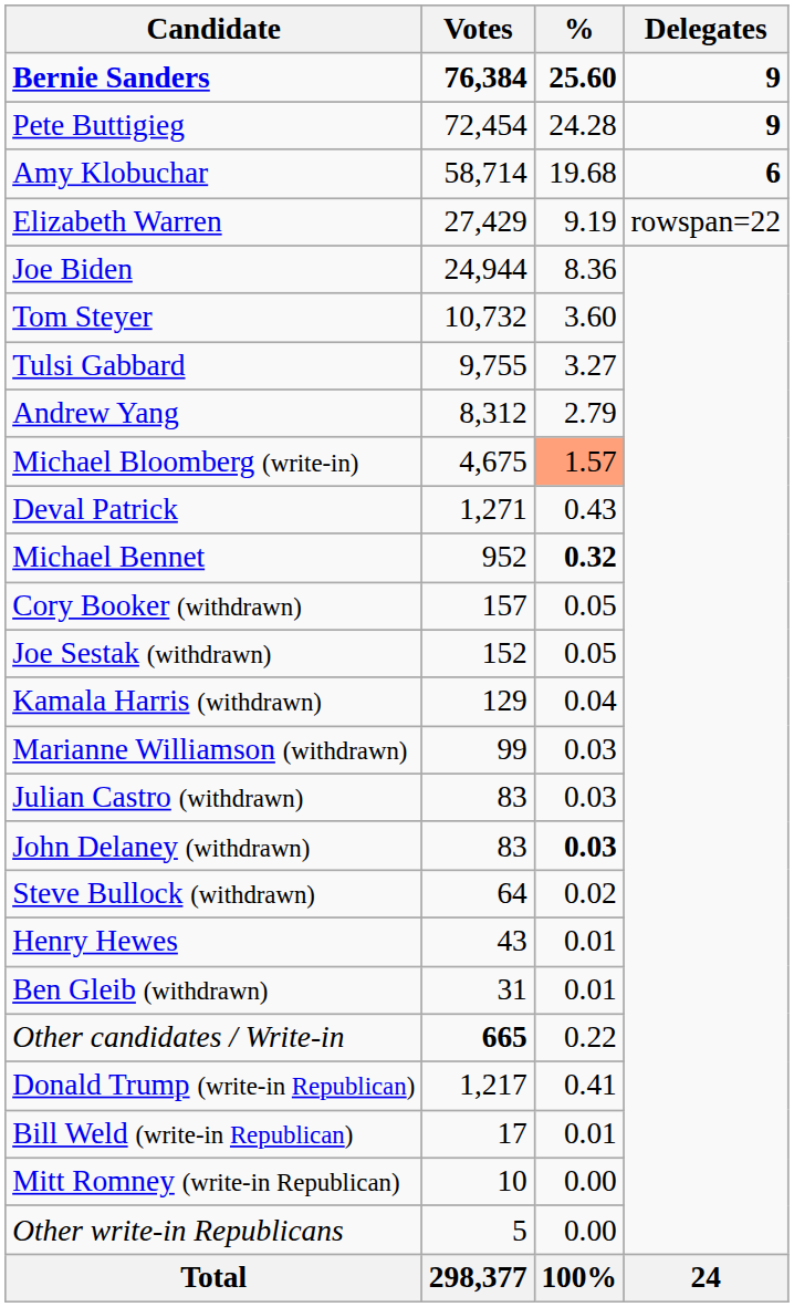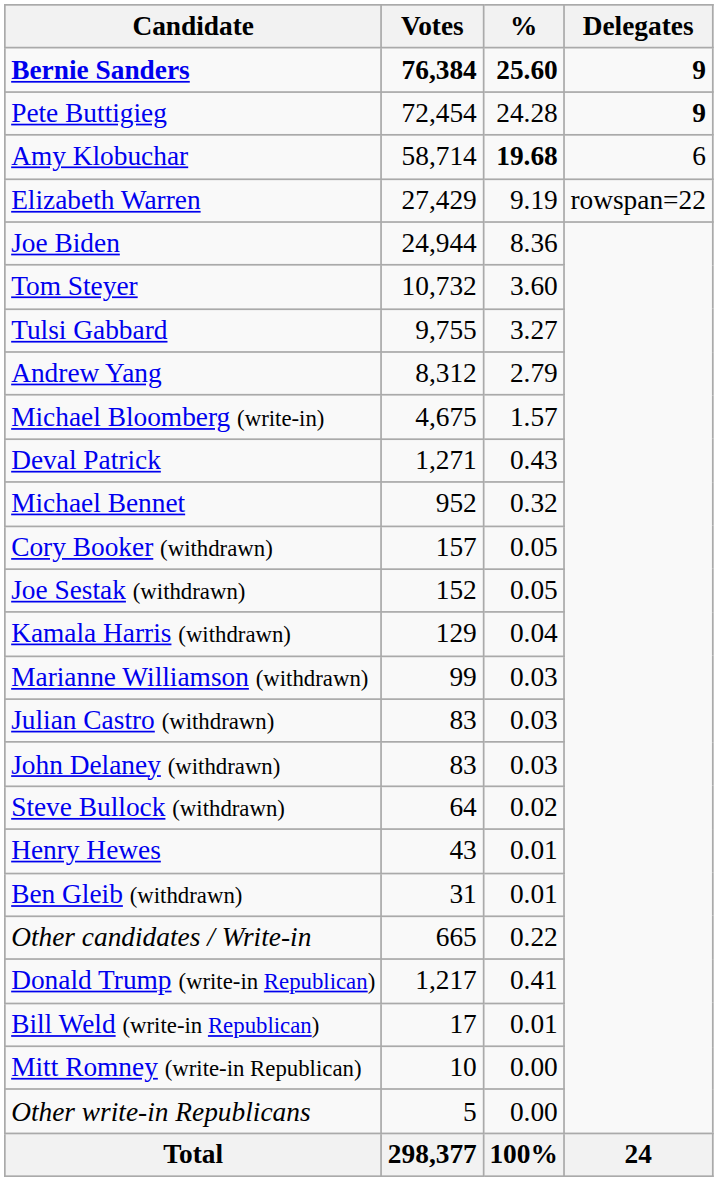 <table class="wikitable sortable" style="text-align:right;">
 <tr>
 <th>Candidate</th>
 <th>Votes</th>
 <th>%</th>
 <th>Delegates</th>
 </tr>
 <tr>
 <td style="text-align:left;" data-sort-value="Sanders, Bernie"><strong><a href='#'>Bernie Sanders</a></strong></td>
 <td><strong>76,384</strong></td>
 <td><strong>25.60</strong></td>
 <td style="text-align:right;"><strong>9</strong></td>
 </tr>
 <tr>
 <td style="text-align:left;" data-sort-value="Buttigieg, Pete"><a href='#'>Pete Buttigieg</a></td>
 <td>72,454</td>
 <td>24.28</td>
 <td style="text-align:right;"><strong>9</strong></td>
 </tr>
 <tr>
 <td style="text-align:left;" data-sort-value="Klobuchar, Amy"><a href='#'>Amy Klobuchar</a></td>
 <td>58,714</td>
-<td>19.68</td>
-<td style="text-align:right;"><strong>6</strong></td>
+<td><strong>19.68</strong></td>
+<td style="text-align:right;">6</td>
 </tr>
 <tr>
 <td style="text-align:left;" data-sort-value="Warren, Elizabeth"><a href='#'>Elizabeth Warren</a></td>
 <td>27,429</td>
 <td>9.19</td>
 <td>rowspan=22 </td>
 </tr>
 <tr>
 <td style="text-align:left;" data-sort-value="Biden, Joe"><a href='#'>Joe Biden</a></td>
 <td>24,944</td>
 <td>8.36</td>
 </tr>
 <tr>
 <td style="text-align:left;" data-sort-value="Steyer, Tom"><a href='#'>Tom Steyer</a></td>
 <td>10,732</td>
 <td>3.60</td>
 </tr>
 <tr>
 <td style="text-align:left;" data-sort-value="Gabbard, Tulsi"><a href='#'>Tulsi Gabbard</a></td>
 <td>9,755</td>
 <td>3.27</td>
 </tr>
 <tr>
 <td style="text-align:left;" data-sort-value="Yang, Andrew"><a href='#'>Andrew Yang</a></td>
 <td>8,312</td>
 <td>2.79</td>
 </tr>
 <tr>
 <td style="text-align:left;" data-sort-value="Bloomberg"><a href='#'>Michael Bloomberg</a> <small>(write-in)</small></td>
 <td>4,675</td>
-<td style="background: lightsalmon;">1.57</td>
+<td>1.57</td>
 </tr>
 <tr>
 <td style="text-align:left;" data-sort-value="Patrick, Deval"><a href='#'>Deval Patrick</a></td>
 <td>1,271</td>
 <td>0.43</td>
 </tr>
 <tr>
 <td style="text-align:left;" data-sort-value="Bennet, Michael"><a href='#'>Michael Bennet</a></td>
 <td>952</td>
-<td><strong>0.32</strong></td>
+<td>0.32</td>
 </tr>
 <tr>
 <td style="text-align:left;" data-sort-value="Booker, Cory"><a href='#'>Cory Booker</a> <small>(withdrawn)</small></td>
 <td>157</td>
 <td>0.05</td>
 </tr>
 <tr>
 <td style="text-align:left;" data-sort-value="Sestak, Joe"><a href='#'>Joe Sestak</a> <small>(withdrawn)</small></td>
 <td>152</td>
 <td>0.05</td>
 </tr>
 <tr>
 <td style="text-align:left;" data-sort-value="Harris, Kamala"><a href='#'>Kamala Harris</a> <small>(withdrawn)</small></td>
 <td>129</td>
 <td>0.04</td>
 </tr>
 <tr>
 <td style="text-align:left;" data-sort-value="Williamson, Marianne"><a href='#'>Marianne Williamson</a> <small>(withdrawn)</small></td>
 <td>99</td>
 <td>0.03</td>
 </tr>
 <tr>
 <td style="text-align:left;" data-sort-value="Castro, Julian"><a href='#'>Julian Castro</a> <small>(withdrawn)</small></td>
 <td>83</td>
 <td>0.03</td>
 </tr>
 <tr>
 <td style="text-align:left;" data-sort-value="Delaney, John"><a href='#'>John Delaney</a> <small>(withdrawn)</small></td>
 <td>83</td>
-<td><strong>0.03</strong></td>
+<td>0.03</td>
 </tr>
 <tr>
 <td style="text-align:left;" data-sort-value="Bullock, Steve"><a href='#'>Steve Bullock</a> <small>(withdrawn)</small></td>
 <td>64</td>
 <td>0.02</td>
 </tr>
 <tr>
 <td style="text-align:left;" data-sort-value="Hewes, Henry"><a href='#'>Henry Hewes</a></td>
 <td>43</td>
 <td>0.01</td>
 </tr>
 <tr>
 <td style="text-align:left;" data-sort-value="Gleib, Ben"><a href='#'>Ben Gleib</a> <small>(withdrawn)</small></td>
 <td>31</td>
 <td>0.01</td>
 </tr>
 <tr>
 <td style="text-align:left;" data-sort-value="ZZ"><em>Other candidates / Write-in</em></td>
-<td><strong>665</strong></td>
+<td>665</td>
 <td>0.22</td>
 </tr>
 <tr>
 <td style="text-align:left;" data-sort-value="ZZTrump, Donald"><a href='#'>Donald Trump</a> <small>(write-in <a href='#'>Republican</a>)</small></td>
 <td>1,217</td>
 <td>0.41</td>
 </tr>
 <tr>
 <td style="text-align:left;" data-sort-value="ZZWeld, Bill"><a href='#'>Bill Weld</a> <small>(write-in <a href='#'>Republican</a>)</small></td>
 <td>17</td>
 <td>0.01</td>
 </tr>
 <tr>
 <td style="text-align:left;" data-sort-value="ZZRomney, Mitt"><a href='#'>Mitt Romney</a> <small>(write-in Republican)</small></td>
 <td>10</td>
 <td>0.00</td>
 </tr>
 <tr>
 <td style="text-align:left;" data-sort-value="ZZZ"><em>Other write-in Republicans</em></td>
 <td>5</td>
 <td>0.00</td>
 </tr>
 <tr>
 <th>Total</th>
 <th>298,377</th>
 <th>100%</th>
 <th>24</th>
 </tr>
 </table>
